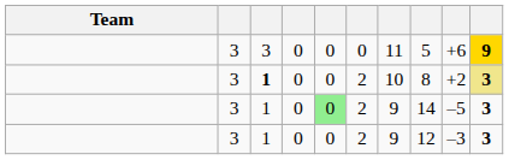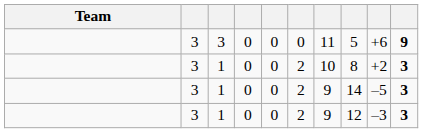 <table class="wikitable" style="text-align: center;">
 <tr>
 <th style="width:175px;">Team</th>
 <th width="20"></th>
 <th width="20"></th>
 <th width="20"></th>
 <th width="20"></th>
 <th width="20"></th>
 <th width="20"></th>
 <th width="20"></th>
 <th></th>
 <th width="20"></th>
 </tr>
 <tr>
 <td align=left></td>
 <td>3</td>
 <td>3</td>
 <td>0</td>
 <td>0</td>
 <td>0</td>
 <td>11</td>
 <td>5</td>
 <td>+6</td>
-<td style="background: gold;"><strong>9</strong></td>
+<td><strong>9</strong></td>
 </tr>
 <tr>
 <td align=left></td>
 <td>3</td>
-<td><strong>1</strong></td>
+<td>1</td>
 <td>0</td>
 <td>0</td>
 <td>2</td>
 <td>10</td>
 <td>8</td>
 <td>+2</td>
-<td style="background: khaki;"><strong>3</strong></td>
+<td><strong>3</strong></td>
 </tr>
 <tr>
 <td align=left></td>
 <td>3</td>
 <td>1</td>
 <td>0</td>
-<td style="background: lightgreen;">0</td>
+<td>0</td>
 <td>2</td>
 <td>9</td>
 <td>14</td>
 <td>–5</td>
 <td><strong>3</strong></td>
 </tr>
 <tr>
 <td align=left></td>
 <td>3</td>
 <td>1</td>
 <td>0</td>
 <td>0</td>
 <td>2</td>
 <td>9</td>
 <td>12</td>
 <td>–3</td>
 <td><strong>3</strong></td>
 </tr>
 </table>
